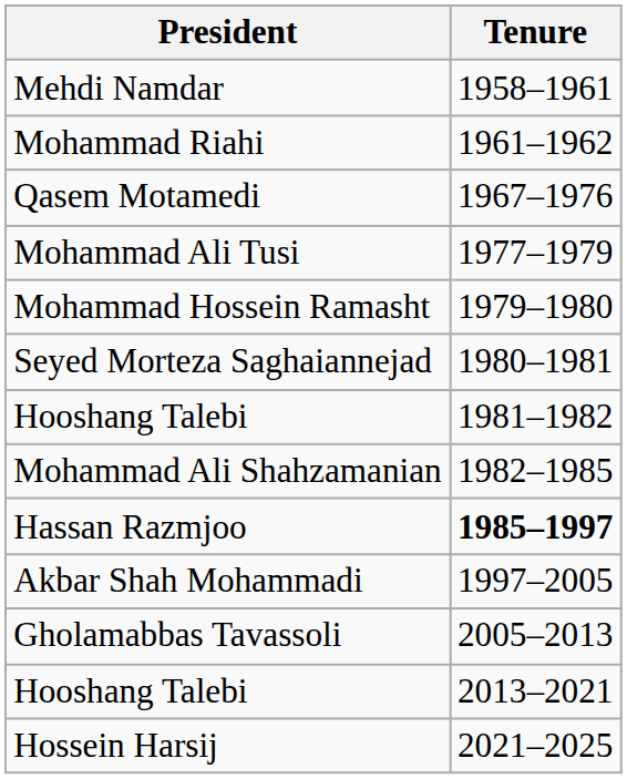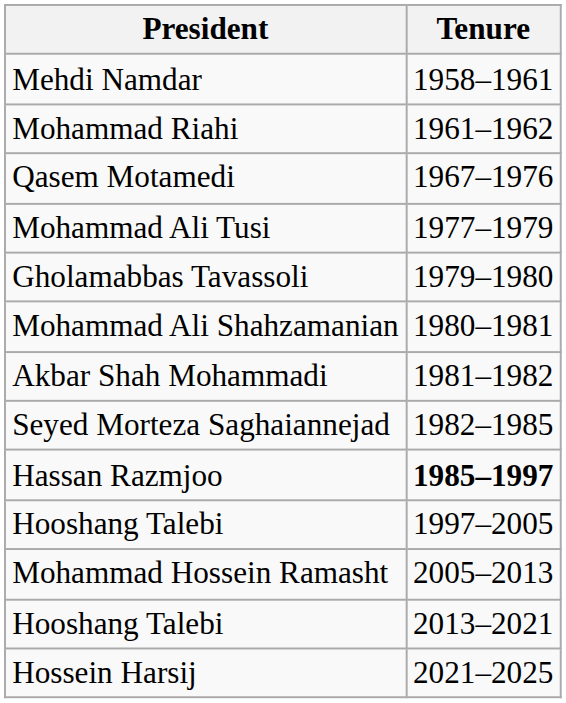 <table class="wikitable">
 <tr>
 <th>President</th>
 <th>Tenure</th>
 </tr>
 <tr>
 <td>Mehdi Namdar</td>
 <td>1958–1961</td>
 </tr>
 <tr>
 <td>Mohammad Riahi</td>
 <td>1961–1962</td>
 </tr>
 <tr>
 <td>Qasem Motamedi</td>
 <td>1967–1976</td>
 </tr>
 <tr>
 <td>Mohammad Ali Tusi</td>
 <td>1977–1979</td>
 </tr>
 <tr>
-<td>Mohammad Hossein Ramasht</td>
+<td>Gholamabbas Tavassoli</td>
 <td>1979–1980</td>
 </tr>
 <tr>
-<td>Seyed Morteza Saghaiannejad</td>
+<td>Mohammad Ali Shahzamanian</td>
 <td>1980–1981</td>
 </tr>
 <tr>
-<td>Hooshang Talebi</td>
+<td>Akbar Shah Mohammadi</td>
 <td>1981–1982</td>
 </tr>
 <tr>
-<td>Mohammad Ali Shahzamanian</td>
+<td>Seyed Morteza Saghaiannejad</td>
 <td>1982–1985</td>
 </tr>
 <tr>
 <td>Hassan Razmjoo</td>
 <td><strong>1985–1997</strong></td>
 </tr>
 <tr>
-<td>Akbar Shah Mohammadi</td>
+<td>Hooshang Talebi</td>
 <td>1997–2005</td>
 </tr>
 <tr>
-<td>Gholamabbas Tavassoli</td>
+<td>Mohammad Hossein Ramasht</td>
 <td>2005–2013</td>
 </tr>
 <tr>
 <td>Hooshang Talebi</td>
 <td>2013–2021</td>
 </tr>
 <tr>
 <td>Hossein Harsij</td>
 <td>2021–2025</td>
 </tr>
 </table>
